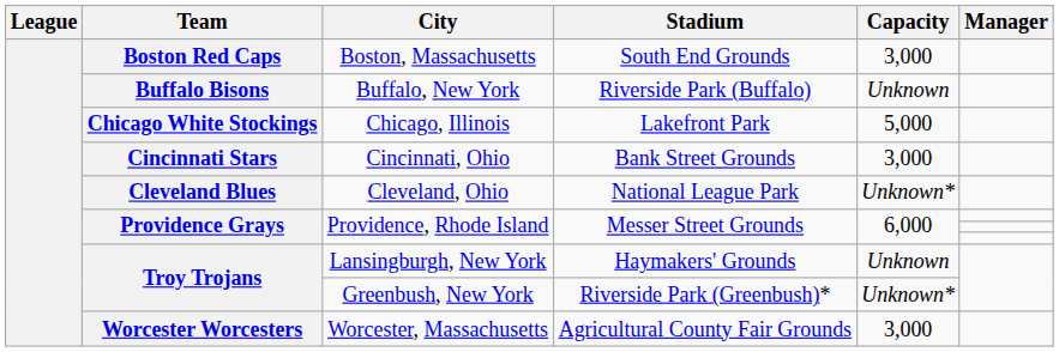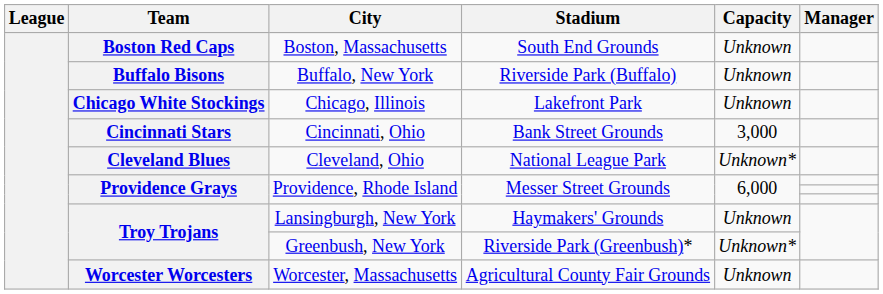 <table class="wikitable sortable plainrowheaders" style="text-align:center;">
 <tr>
 <th scope="col">League</th>
 <th scope="col">Team</th>
 <th scope="col">City</th>
 <th scope="col">Stadium</th>
 <th scope="col">Capacity</th>
 <th scope="col">Manager</th>
 </tr>
 <tr>
 <th rowspan="11"></th>
 <th scope="row"><a href='#'>Boston Red Caps</a></th>
 <td><a href='#'>Boston</a>, <a href='#'>Massachusetts</a></td>
 <td><a href='#'>South End Grounds</a></td>
-<td>3,000</td>
+<td><em>Unknown</em></td>
 <td></td>
 </tr>
 <tr>
 <th scope="row"><a href='#'>Buffalo Bisons</a></th>
 <td><a href='#'>Buffalo</a>, <a href='#'>New York</a></td>
 <td><a href='#'>Riverside Park (Buffalo)</a></td>
 <td><em>Unknown</em></td>
 <td></td>
 </tr>
 <tr>
 <th scope="row"><a href='#'>Chicago White Stockings</a></th>
 <td><a href='#'>Chicago</a>, <a href='#'>Illinois</a></td>
 <td><a href='#'>Lakefront Park</a></td>
-<td>5,000</td>
+<td><em>Unknown</em></td>
 <td></td>
 </tr>
 <tr>
 <th scope="row"><a href='#'>Cincinnati Stars</a></th>
 <td><a href='#'>Cincinnati</a>, <a href='#'>Ohio</a></td>
 <td><a href='#'>Bank Street Grounds</a></td>
 <td>3,000</td>
 <td></td>
 </tr>
 <tr>
 <th scope="row"><a href='#'>Cleveland Blues</a></th>
 <td><a href='#'>Cleveland</a>, <a href='#'>Ohio</a></td>
 <td><a href='#'>National League Park</a></td>
 <td><em>Unknown*</em></td>
 <td></td>
 </tr>
 <tr>
 <th rowspan="3" scope="row"><a href='#'>Providence Grays</a></th>
 <td rowspan="3"><a href='#'>Providence</a>, <a href='#'>Rhode Island</a></td>
 <td rowspan="3"><a href='#'>Messer Street Grounds</a></td>
 <td rowspan="3">6,000</td>
 <td></td>
 </tr>
 <tr>
 <td></td>
 </tr>
 <tr>
 <td></td>
 </tr>
 <tr>
 <th rowspan="2" scope="row"><a href='#'>Troy Trojans</a></th>
 <td><a href='#'>Lansingburgh</a>, <a href='#'>New York</a></td>
 <td><a href='#'>Haymakers' Grounds</a></td>
 <td><em>Unknown</em></td>
 <td rowspan="2"></td>
 </tr>
 <tr>
 <td><a href='#'>Greenbush</a>, <a href='#'>New York</a></td>
 <td><a href='#'>Riverside Park (Greenbush)</a>*</td>
 <td><em>Unknown*</em></td>
 </tr>
 <tr>
 <th scope="row"><a href='#'>Worcester Worcesters</a></th>
 <td><a href='#'>Worcester</a>, <a href='#'>Massachusetts</a></td>
 <td><a href='#'>Agricultural County Fair Grounds</a></td>
-<td>3,000</td>
+<td><em>Unknown</em></td>
 <td></td>
 </tr>
 </table>
